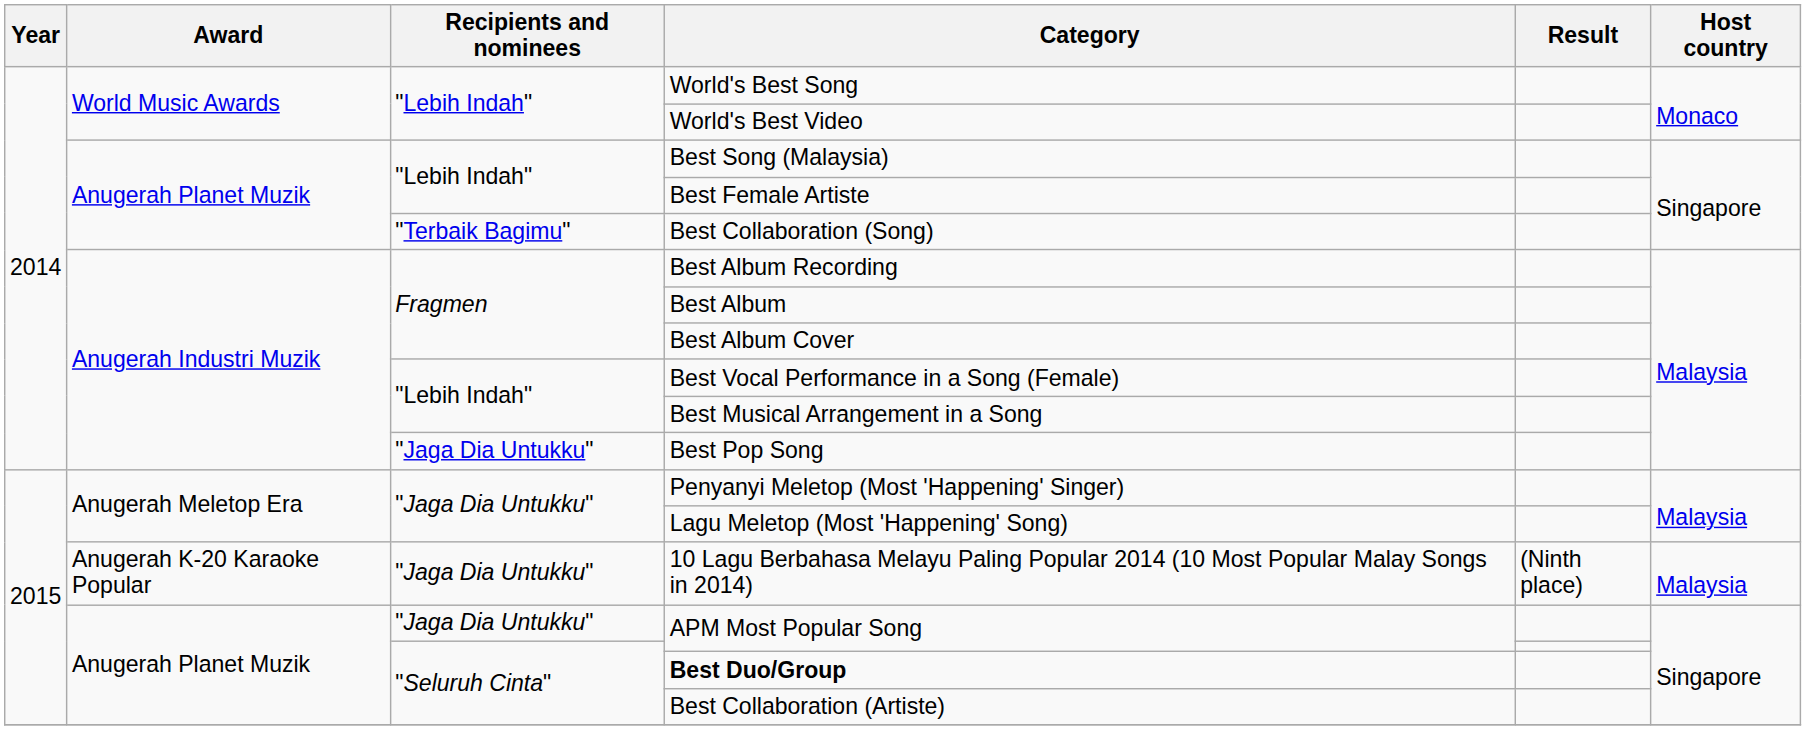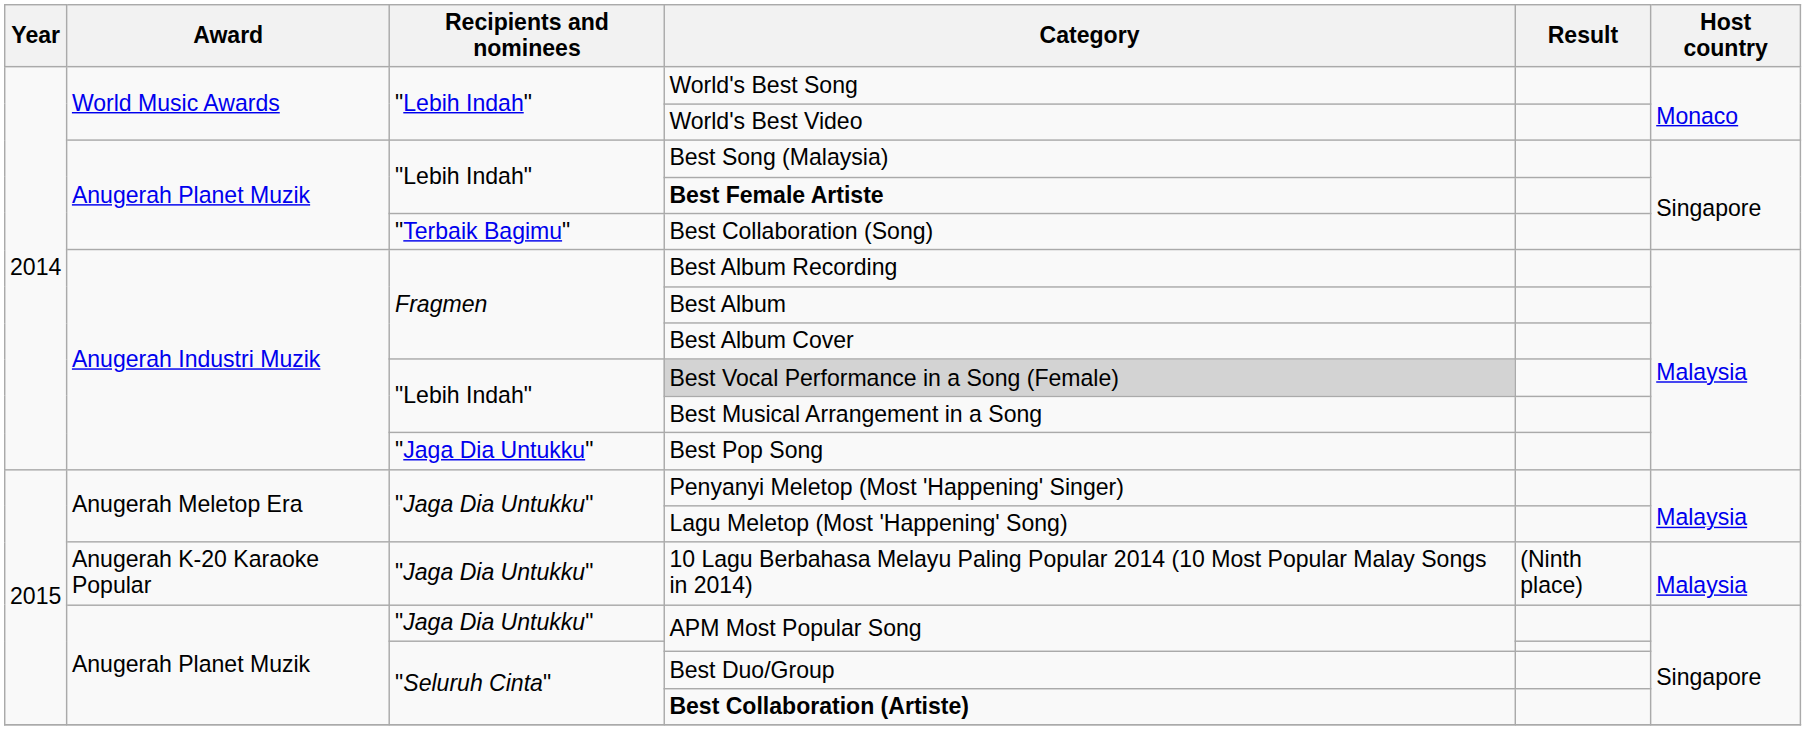 <table class="wikitable">
 <tr>
 <th>Year</th>
 <th>Award</th>
 <th>Recipients and nominees</th>
 <th>Category</th>
 <th>Result</th>
 <th>Host country</th>
 </tr>
 <tr>
 <td rowspan="11">2014</td>
 <td rowspan="2"><a href='#'>World Music Awards</a></td>
 <td rowspan="2">"<a href='#'>Lebih Indah</a>"</td>
 <td rowspan="1">World's Best Song</td>
 <td></td>
 <td rowspan="2"> <br> <a href='#'>Monaco</a></td>
 </tr>
 <tr>
 <td rowspan="1">World's Best Video</td>
 <td></td>
 </tr>
 <tr>
 <td rowspan="3"><a href='#'>Anugerah Planet Muzik</a></td>
 <td rowspan="2">"Lebih Indah"</td>
 <td rowspan="1">Best Song (Malaysia)</td>
 <td></td>
 <td rowspan="3"> <br> Singapore</td>
 </tr>
 <tr>
-<td rowspan="1">Best Female Artiste</td>
+<td rowspan="1"><strong>Best Female Artiste</strong></td>
 <td></td>
 </tr>
 <tr>
 <td rowspan="1">"<a href='#'>Terbaik Bagimu</a>"</td>
 <td rowspan="1">Best Collaboration (Song)</td>
 <td></td>
 </tr>
 <tr>
 <td rowspan="6"><a href='#'>Anugerah Industri Muzik</a></td>
 <td rowspan="3"><em>Fragmen</em></td>
 <td rowspan="1">Best Album Recording</td>
 <td></td>
 <td rowspan="6"> <br> <a href='#'>Malaysia</a></td>
 </tr>
 <tr>
 <td rowspan="1">Best Album</td>
 <td></td>
 </tr>
 <tr>
 <td rowspan="1">Best Album Cover</td>
 <td></td>
 </tr>
 <tr>
 <td rowspan="2">"Lebih Indah"</td>
-<td rowspan="1">Best Vocal Performance in a Song (Female)</td>
+<td rowspan="1" style="background: lightgrey;">Best Vocal Performance in a Song (Female)</td>
 <td></td>
 </tr>
 <tr>
 <td rowspan="1">Best Musical Arrangement in a Song</td>
 <td></td>
 </tr>
 <tr>
 <td rowspan="1">"<a href='#'>Jaga Dia Untukku</a>"</td>
 <td rowspan="1">Best Pop Song</td>
 <td></td>
 </tr>
 <tr>
 <td rowspan="7">2015</td>
 <td rowspan="2">Anugerah Meletop Era</td>
 <td rowspan="2">"<em>Jaga Dia Untukku</em>"</td>
 <td rowspan="1">Penyanyi Meletop (Most 'Happening' Singer)</td>
 <td></td>
 <td rowspan="2"> <br> <a href='#'>Malaysia</a></td>
 </tr>
 <tr>
 <td rowspan="1">Lagu Meletop (Most 'Happening' Song)</td>
 <td></td>
 </tr>
 <tr>
 <td rowspan="1">Anugerah K-20 Karaoke Popular</td>
 <td rowspan="1">"<em>Jaga Dia Untukku</em>"</td>
 <td rowspan="1">10 Lagu Berbahasa Melayu Paling Popular 2014 (10 Most Popular Malay Songs in 2014)</td>
 <td>(Ninth place)</td>
 <td rowspan="1"> <br> <a href='#'>Malaysia</a></td>
 </tr>
 <tr>
 <td rowspan="4">Anugerah Planet Muzik</td>
 <td rowspan="1">"<em>Jaga Dia Untukku</em>"</td>
 <td rowspan="2">APM Most Popular Song</td>
 <td></td>
 <td rowspan="4"> <br> Singapore</td>
 </tr>
 <tr>
 <td rowspan="3">"<em>Seluruh Cinta</em>"</td>
 <td></td>
 </tr>
 <tr>
-<td rowspan="1"><strong>Best Duo/Group</strong></td>
+<td rowspan="1">Best Duo/Group</td>
 <td></td>
 </tr>
 <tr>
-<td rowspan="1">Best Collaboration (Artiste)</td>
+<td rowspan="1"><strong>Best Collaboration (Artiste)</strong></td>
 <td></td>
 </tr>
 <tr>
 </tr>
 </table>
